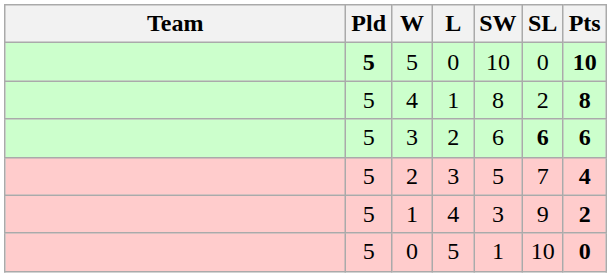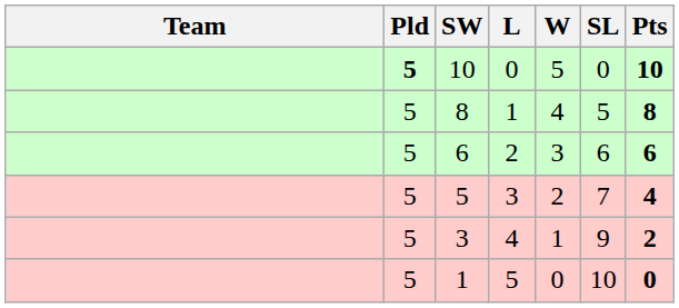 <table class=wikitable style="text-align:center">
 <tr>
 <th width=220>Team</th>
 <th width=20>Pld</th>
+<th width=20>SW</th>
+<th width=20>L</th>
 <th width=20>W</th>
-<th width=20>L</th>
-<th width=20>SW</th>
 <th width=20>SL</th>
 <th width=20>Pts</th>
 </tr>
 <tr bgcolor=ccffcc>
 <td align=left></td>
 <td><strong>5</strong></td>
+<td>10</td>
+<td>0</td>
 <td>5</td>
-<td>0</td>
-<td>10</td>
 <td>0</td>
 <td><strong>10</strong></td>
 </tr>
 <tr bgcolor=ccffcc>
 <td align=left></td>
 <td>5</td>
+<td>8</td>
+<td>1</td>
 <td>4</td>
-<td>1</td>
-<td>8</td>
-<td>2</td>
+<td>5</td>
 <td><strong>8</strong></td>
 </tr>
 <tr bgcolor=ccffcc>
 <td align=left></td>
 <td>5</td>
+<td>6</td>
+<td>2</td>
 <td>3</td>
-<td>2</td>
 <td>6</td>
-<td><strong>6</strong></td>
 <td><strong>6</strong></td>
 </tr>
 <tr bgcolor=ffcccc>
 <td align=left></td>
 <td>5</td>
+<td>5</td>
+<td>3</td>
 <td>2</td>
-<td>3</td>
-<td>5</td>
 <td>7</td>
 <td><strong>4</strong></td>
 </tr>
 <tr bgcolor=ffcccc>
 <td align=left></td>
 <td>5</td>
+<td>3</td>
+<td>4</td>
 <td>1</td>
-<td>4</td>
-<td>3</td>
 <td>9</td>
 <td><strong>2</strong></td>
 </tr>
 <tr bgcolor=ffcccc>
 <td align=left></td>
 <td>5</td>
+<td>1</td>
+<td>5</td>
 <td>0</td>
-<td>5</td>
-<td>1</td>
 <td>10</td>
 <td><strong>0</strong></td>
 </tr>
 </table>
